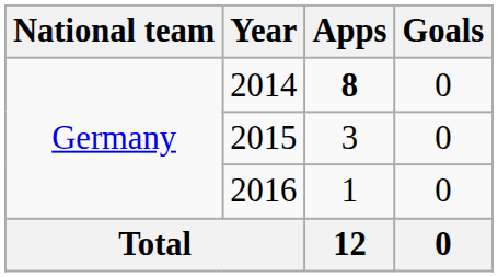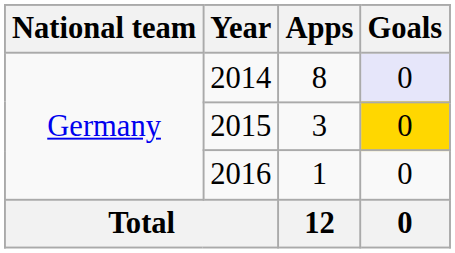 <table class="wikitable" style="text-align:center">
 <tr>
 <th>National team</th>
 <th>Year</th>
 <th>Apps</th>
 <th>Goals</th>
 </tr>
 <tr>
 <td rowspan="3"><a href='#'>Germany</a></td>
 <td>2014</td>
-<td><strong>8</strong></td>
-<td>0</td>
+<td>8</td>
+<td style="background: lavender;">0</td>
 </tr>
 <tr>
 <td>2015</td>
 <td>3</td>
-<td>0</td>
+<td style="background: gold;">0</td>
 </tr>
 <tr>
 <td>2016</td>
 <td>1</td>
 <td>0</td>
 </tr>
 <tr>
 <th colspan="2">Total</th>
 <th>12</th>
 <th>0</th>
 </tr>
 </table>
